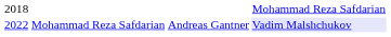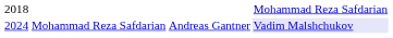 <table>
 <tr>
 <td align=center>2018</td>
 <td> </td>
 <td> </td>
 <td> <a href='#'>Mohammad Reza Safdarian</a></td>
 </tr>
 <tr>
-<td align=center><a href='#'>2022</a></td>
+<td align=center><a href='#'>2024</a></td>
 <td> <a href='#'>Mohammad Reza Safdarian</a></td>
 <td> <a href='#'>Andreas Gantner</a></td>
 <td style="background: lavender;"> <a href='#'>Vadim Malshchukov</a></td>
 </tr>
 </table>
